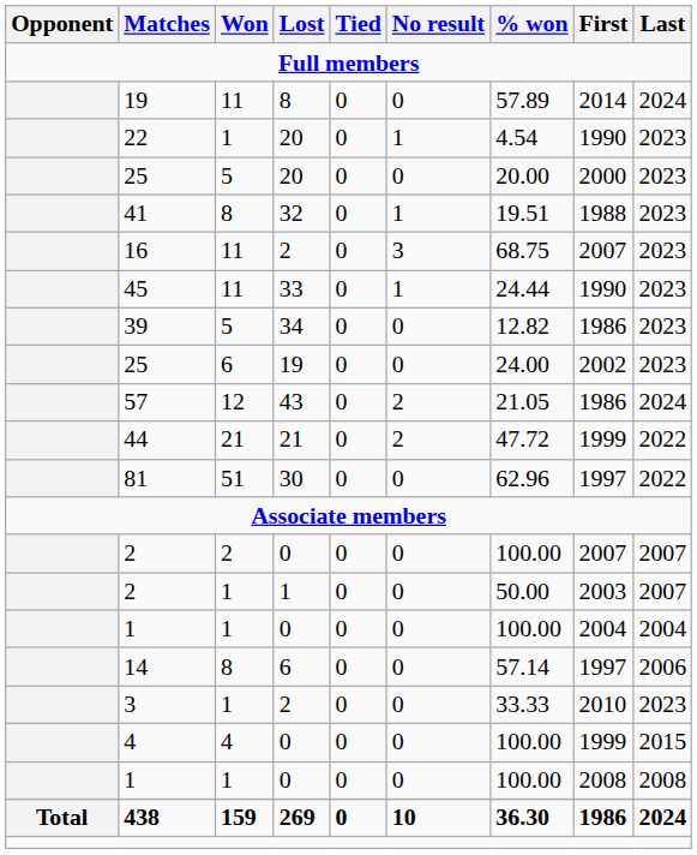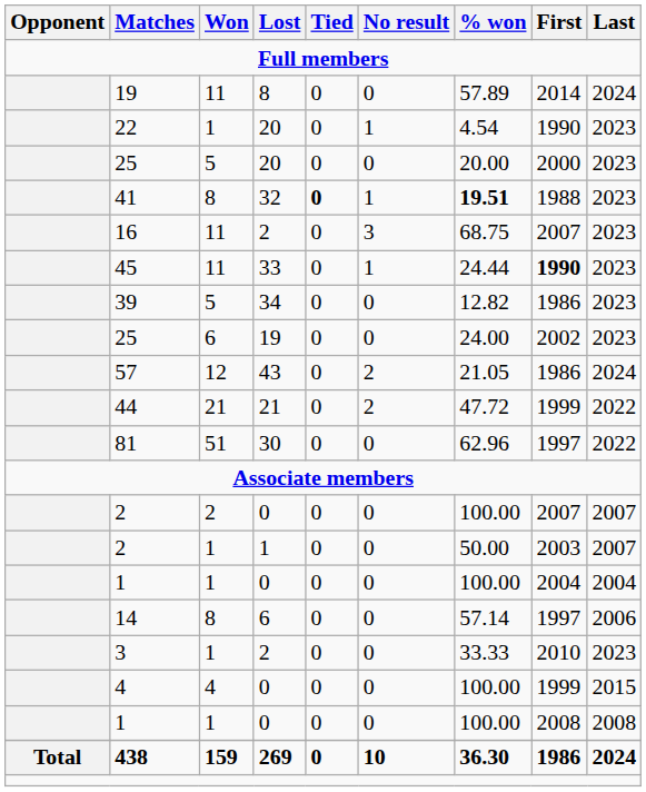 <table class="wikitable plainrowheaders sortable">
 <tr>
 <th scope="col">Opponent</th>
 <th scope="col"><a href='#'>Matches</a></th>
 <th scope="col"><a href='#'>Won</a></th>
 <th scope="col"><a href='#'>Lost</a></th>
 <th scope="col"><a href='#'>Tied</a></th>
 <th scope="col"><a href='#'>No result</a></th>
 <th scope="col"><a href='#'>% won</a></th>
 <th scope="col">First</th>
 <th scope="col">Last</th>
 </tr>
 <tr>
 <td style="text-align: center;" colspan="9"><strong><a href='#'>Full members</a></strong></td>
 </tr>
 <tr>
 <th scope="row"></th>
 <td>19</td>
 <td>11</td>
 <td>8</td>
 <td>0</td>
 <td>0</td>
 <td>57.89</td>
 <td>2014</td>
 <td>2024</td>
 </tr>
 <tr>
 <th scope="row"></th>
 <td>22</td>
 <td>1</td>
 <td>20</td>
 <td>0</td>
 <td>1</td>
 <td>4.54</td>
 <td>1990</td>
 <td>2023</td>
 </tr>
 <tr>
 <th scope="row"></th>
 <td>25</td>
 <td>5</td>
 <td>20</td>
 <td>0</td>
 <td>0</td>
 <td>20.00</td>
 <td>2000</td>
 <td>2023</td>
 </tr>
 <tr>
 <th scope="row"></th>
 <td>41</td>
 <td>8</td>
 <td>32</td>
-<td>0</td>
+<td><strong>0</strong></td>
 <td>1</td>
-<td>19.51</td>
+<td><strong>19.51</strong></td>
 <td>1988</td>
 <td>2023</td>
 </tr>
 <tr>
 <th scope="row"></th>
 <td>16</td>
 <td>11</td>
 <td>2</td>
 <td>0</td>
 <td>3</td>
 <td>68.75</td>
 <td>2007</td>
 <td>2023</td>
 </tr>
 <tr>
 <th scope="row"></th>
 <td>45</td>
 <td>11</td>
 <td>33</td>
 <td>0</td>
 <td>1</td>
 <td>24.44</td>
-<td>1990</td>
+<td><strong>1990</strong></td>
 <td>2023</td>
 </tr>
 <tr>
 <th scope="row"></th>
 <td>39</td>
 <td>5</td>
 <td>34</td>
 <td>0</td>
 <td>0</td>
 <td>12.82</td>
 <td>1986</td>
 <td>2023</td>
 </tr>
 <tr>
 <th scope="row"></th>
 <td>25</td>
 <td>6</td>
 <td>19</td>
 <td>0</td>
 <td>0</td>
 <td>24.00</td>
 <td>2002</td>
 <td>2023</td>
 </tr>
 <tr>
 <th scope="row"></th>
 <td>57</td>
 <td>12</td>
 <td>43</td>
 <td>0</td>
 <td>2</td>
 <td>21.05</td>
 <td>1986</td>
 <td>2024</td>
 </tr>
 <tr>
 <th scope="row"></th>
 <td>44</td>
 <td>21</td>
 <td>21</td>
 <td>0</td>
 <td>2</td>
 <td>47.72</td>
 <td>1999</td>
 <td>2022</td>
 </tr>
 <tr>
 <th scope="row"></th>
 <td>81</td>
 <td>51</td>
 <td>30</td>
 <td>0</td>
 <td>0</td>
 <td>62.96</td>
 <td>1997</td>
 <td>2022</td>
 </tr>
 <tr>
 <td colspan="10" style="text-align: center;"><strong><a href='#'>Associate members</a></strong></td>
 </tr>
 <tr>
 <th scope="row"></th>
 <td>2</td>
 <td>2</td>
 <td>0</td>
 <td>0</td>
 <td>0</td>
 <td>100.00</td>
 <td>2007</td>
 <td>2007</td>
 </tr>
 <tr>
 <th scope="row"></th>
 <td>2</td>
 <td>1</td>
 <td>1</td>
 <td>0</td>
 <td>0</td>
 <td>50.00</td>
 <td>2003</td>
 <td>2007</td>
 </tr>
 <tr>
 <th scope="row"></th>
 <td>1</td>
 <td>1</td>
 <td>0</td>
 <td>0</td>
 <td>0</td>
 <td>100.00</td>
 <td>2004</td>
 <td>2004</td>
 </tr>
 <tr>
 <th scope="row"></th>
 <td>14</td>
 <td>8</td>
 <td>6</td>
 <td>0</td>
 <td>0</td>
 <td>57.14</td>
 <td>1997</td>
 <td>2006</td>
 </tr>
 <tr>
 <th scope="row"></th>
 <td>3</td>
 <td>1</td>
 <td>2</td>
 <td>0</td>
 <td>0</td>
 <td>33.33</td>
 <td>2010</td>
 <td>2023</td>
 </tr>
 <tr>
 <th scope="row"></th>
 <td>4</td>
 <td>4</td>
 <td>0</td>
 <td>0</td>
 <td>0</td>
 <td>100.00</td>
 <td>1999</td>
 <td>2015</td>
 </tr>
 <tr>
 <th scope="row"></th>
 <td>1</td>
 <td>1</td>
 <td>0</td>
 <td>0</td>
 <td>0</td>
 <td>100.00</td>
 <td>2008</td>
 <td>2008</td>
 </tr>
 <tr>
 </tr>
 <tr class="sortbottom">
 <th scope="row" style="text-align:center"><strong>Total</strong></th>
 <td><strong>438</strong></td>
 <td><strong>159</strong></td>
 <td><strong>269</strong></td>
 <td><strong>0</strong></td>
 <td><strong>10</strong></td>
 <td><strong>36.30</strong></td>
 <td><strong>1986</strong></td>
 <td><strong>2024</strong></td>
 </tr>
 <tr>
 <td colspan=10></td>
 </tr>
 </table>
